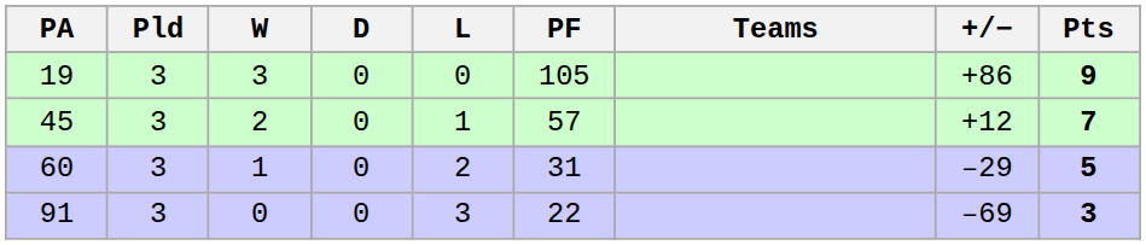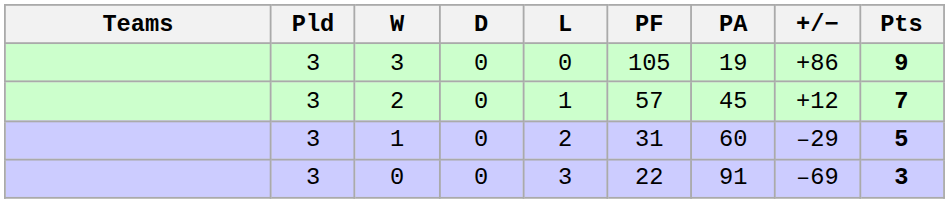 <table class="wikitable" style="text-align: center;">
 <tr>
-<th width="40">PA</th>
+<th width="140">Teams</th>
 <th width="40">Pld</th>
 <th width="40">W</th>
 <th width="40">D</th>
 <th width="40">L</th>
 <th width="40">PF</th>
-<th width="140">Teams</th>
+<th width="40">PA</th>
 <th width="40">+/−</th>
 <th width="40">Pts</th>
 </tr>
 <tr bgcolor=ccffcc>
-<td>19</td>
+<td align=left></td>
 <td>3</td>
 <td>3</td>
 <td>0</td>
 <td>0</td>
 <td>105</td>
-<td align=left></td>
+<td>19</td>
 <td>+86</td>
 <td><strong>9</strong></td>
 </tr>
 <tr bgcolor=ccffcc>
-<td>45</td>
+<td align=left></td>
 <td>3</td>
 <td>2</td>
 <td>0</td>
 <td>1</td>
 <td>57</td>
-<td align=left></td>
+<td>45</td>
 <td>+12</td>
 <td><strong>7</strong></td>
 </tr>
 <tr bgcolor=ccccff>
-<td>60</td>
+<td align=left></td>
 <td>3</td>
 <td>1</td>
 <td>0</td>
 <td>2</td>
 <td>31</td>
-<td align=left></td>
+<td>60</td>
 <td>–29</td>
 <td><strong>5</strong></td>
 </tr>
 <tr bgcolor=ccccff>
-<td>91</td>
+<td align=left></td>
 <td>3</td>
 <td>0</td>
 <td>0</td>
 <td>3</td>
 <td>22</td>
-<td align=left></td>
+<td>91</td>
 <td>–69</td>
 <td><strong>3</strong></td>
 </tr>
 </table>
